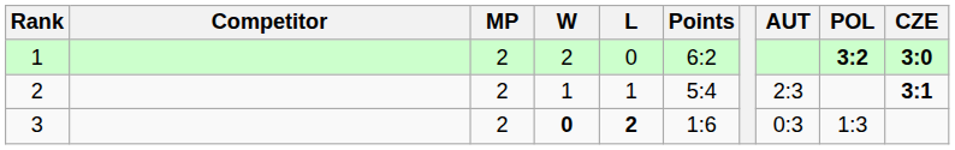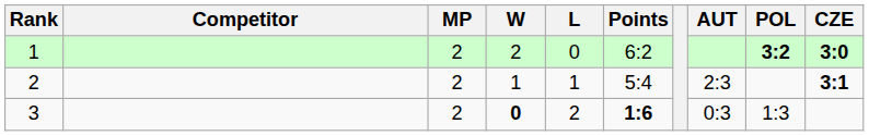 <table class="wikitable" style="text-align:center">
 <tr>
 <th>Rank</th>
 <th style="width:18em">Competitor</th>
 <th style="width:2.5em">MP</th>
 <th style="width:2.5em">W</th>
 <th style="width:2.5em">L</th>
 <th>Points</th>
 <th rowspan="4"> </th>
 <th style="width:2.5em">AUT</th>
 <th style="width:2.5em">POL</th>
 <th style="width:2.5em">CZE</th>
 </tr>
 <tr style="background:#cfc;">
 <td>1</td>
 <td style="text-align:left"></td>
 <td>2</td>
 <td>2</td>
 <td>0</td>
 <td>6:2</td>
 <td></td>
 <td><strong>3:2</strong></td>
 <td><strong>3:0</strong></td>
 </tr>
 <tr>
 <td>2</td>
 <td style="text-align:left"></td>
 <td>2</td>
 <td>1</td>
 <td>1</td>
 <td>5:4</td>
 <td>2:3</td>
 <td></td>
 <td><strong>3:1</strong></td>
 </tr>
 <tr>
 <td>3</td>
 <td style="text-align:left"></td>
 <td>2</td>
 <td><strong>0</strong></td>
-<td><strong>2</strong></td>
-<td>1:6</td>
+<td>2</td>
+<td><strong>1:6</strong></td>
 <td>0:3</td>
 <td>1:3</td>
 <td></td>
 </tr>
 </table>
